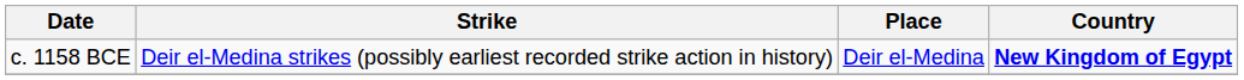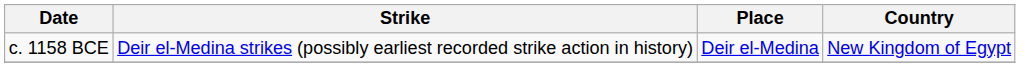 <table class="wikitable sortable">
 <tr>
 <th>Date</th>
 <th>Strike</th>
 <th>Place</th>
 <th>Country</th>
 </tr>
 <tr>
 <td>c. 1158 BCE</td>
 <td><a href='#'>Deir el-Medina strikes</a> (possibly earliest recorded strike action in history)</td>
 <td><a href='#'>Deir el-Medina</a></td>
-<td><strong><a href='#'>New Kingdom of Egypt</a></strong></td>
+<td><a href='#'>New Kingdom of Egypt</a></td>
 </tr>
 <tr>
 </tr>
 </table>
